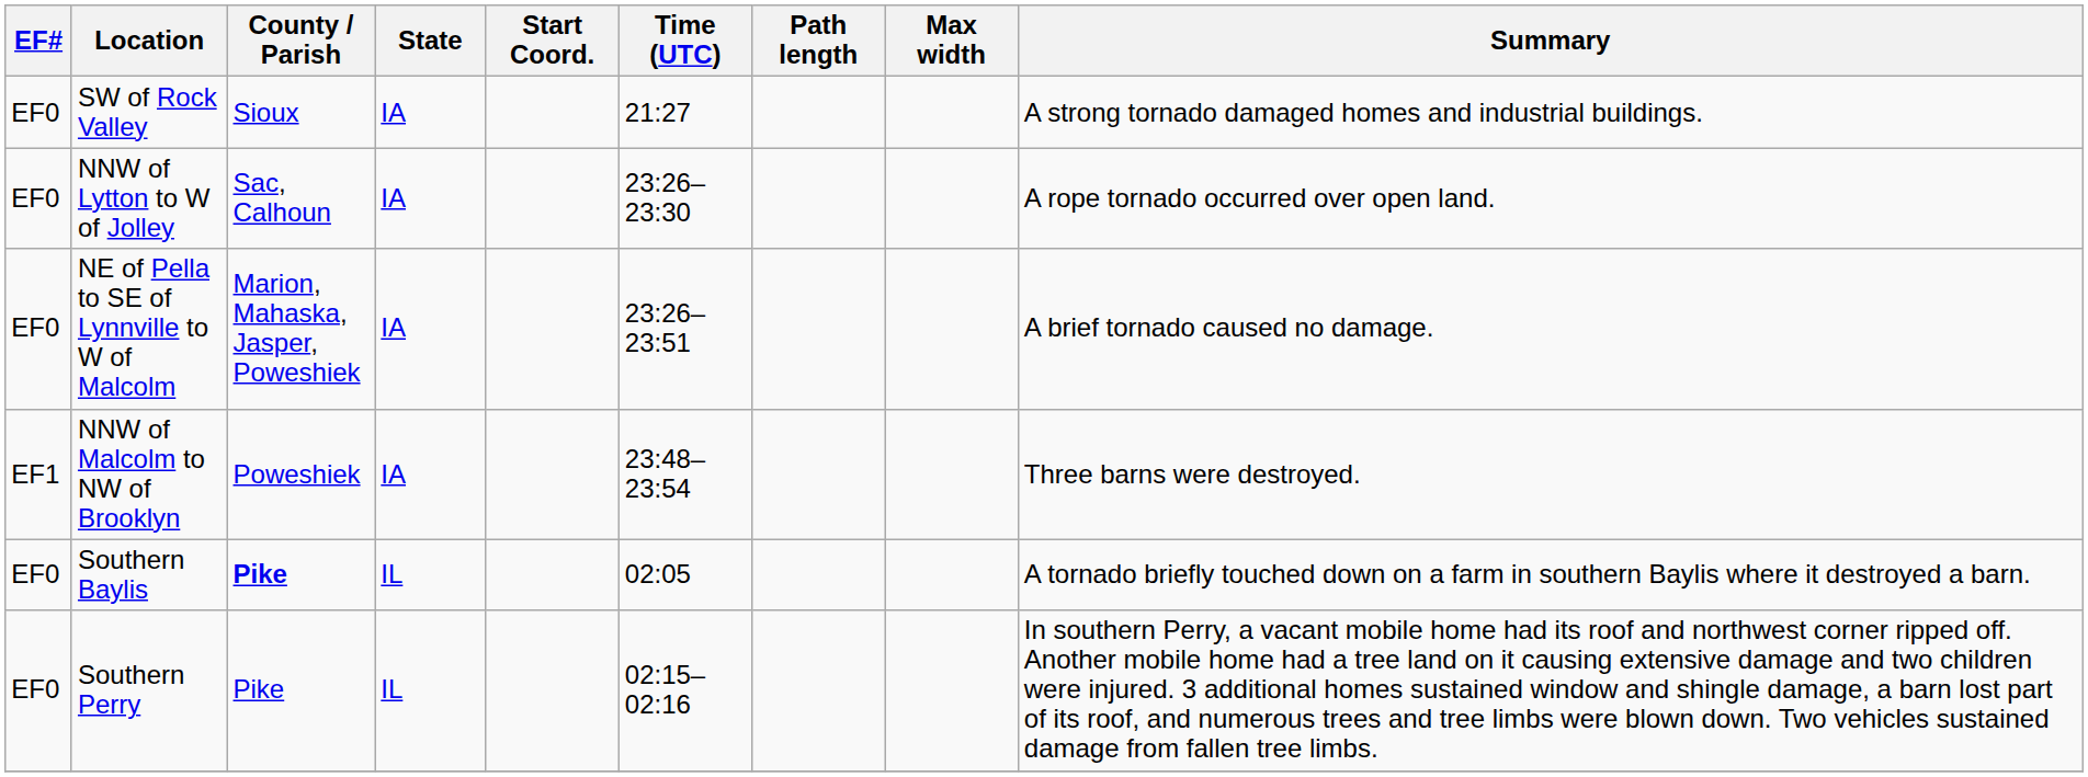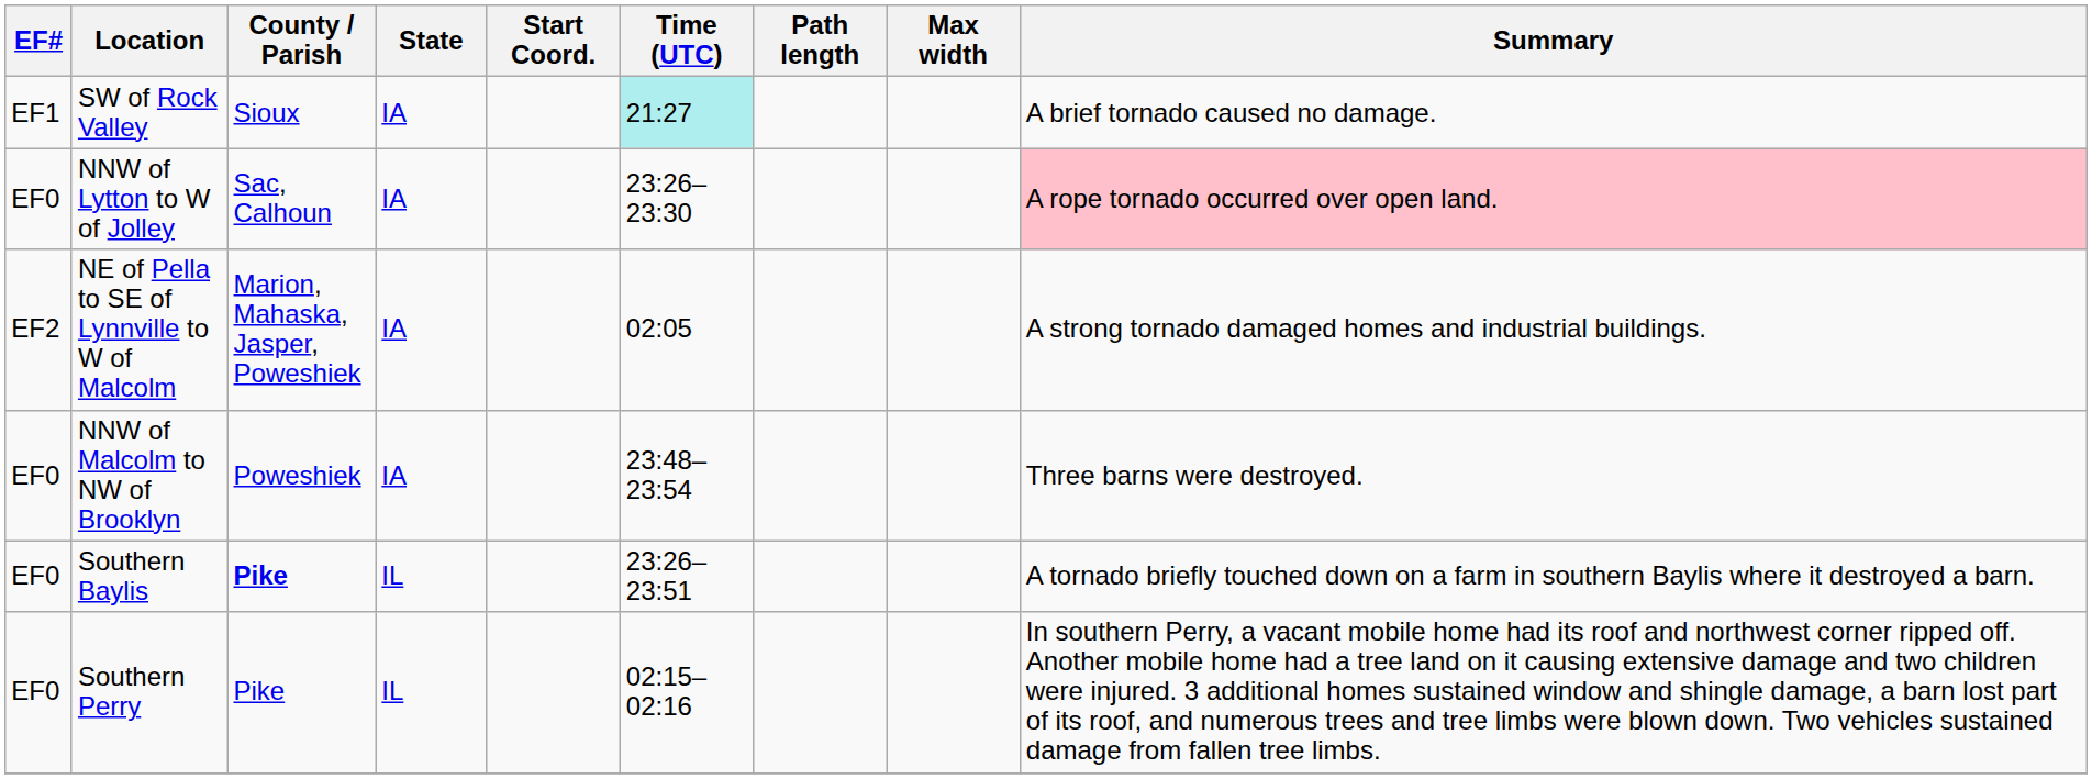 <table class="wikitable sortable" style="width:100%;">
 <tr>
 <th scope="col"  style="width:3%; text-align:center;"><a href='#'>EF#</a></th>
 <th scope="col"  style="width:7%; text-align:center;" class="unsortable">Location</th>
 <th scope="col"  style="width:6%; text-align:center;" class="unsortable">County / Parish</th>
 <th scope="col"  style="width:5%; text-align:center;">State</th>
 <th scope="col"  style="width:6%; text-align:center;">Start Coord.</th>
 <th scope="col"  style="width:6%; text-align:center;">Time (<a href='#'>UTC</a>)</th>
 <th scope="col"  style="width:6%; text-align:center;">Path length</th>
 <th scope="col"  style="width:6%; text-align:center;">Max width</th>
 <th scope="col" class="unsortable" style="width:48%; text-align:center;">Summary</th>
 </tr>
 <tr>
-<td>EF0</td>
+<td>EF1</td>
 <td>SW of <a href='#'>Rock Valley</a></td>
 <td><a href='#'>Sioux</a></td>
 <td><a href='#'>IA</a></td>
 <td></td>
-<td>21:27</td>
+<td style="background: paleturquoise;">21:27</td>
 <td></td>
 <td></td>
-<td>A strong tornado damaged homes and industrial buildings.</td>
+<td>A brief tornado caused no damage.</td>
 </tr>
 <tr>
 <td>EF0</td>
 <td>NNW of <a href='#'>Lytton</a> to W of <a href='#'>Jolley</a></td>
 <td><a href='#'>Sac</a>, <a href='#'>Calhoun</a></td>
 <td><a href='#'>IA</a></td>
 <td></td>
 <td>23:26–23:30</td>
 <td></td>
 <td></td>
-<td>A rope tornado occurred over open land.</td>
+<td style="background: pink;">A rope tornado occurred over open land.</td>
 </tr>
 <tr>
-<td>EF0</td>
+<td>EF2</td>
 <td>NE of <a href='#'>Pella</a> to SE of <a href='#'>Lynnville</a> to W of <a href='#'>Malcolm</a></td>
 <td><a href='#'>Marion</a>, <a href='#'>Mahaska</a>, <a href='#'>Jasper</a>, <a href='#'>Poweshiek</a></td>
 <td><a href='#'>IA</a></td>
 <td></td>
-<td>23:26–23:51</td>
+<td>02:05</td>
 <td></td>
 <td></td>
-<td>A brief tornado caused no damage.</td>
+<td>A strong tornado damaged homes and industrial buildings.</td>
 </tr>
 <tr>
-<td>EF1</td>
+<td>EF0</td>
 <td>NNW of <a href='#'>Malcolm</a> to NW of <a href='#'>Brooklyn</a></td>
 <td><a href='#'>Poweshiek</a></td>
 <td><a href='#'>IA</a></td>
 <td></td>
 <td>23:48–23:54</td>
 <td></td>
 <td></td>
 <td>Three barns were destroyed.</td>
 </tr>
 <tr>
 <td>EF0</td>
 <td>Southern <a href='#'>Baylis</a></td>
 <td><strong><a href='#'>Pike</a></strong></td>
 <td><a href='#'>IL</a></td>
 <td></td>
-<td>02:05</td>
+<td>23:26–23:51</td>
 <td></td>
 <td></td>
 <td>A tornado briefly touched down on a farm in southern Baylis where it destroyed a barn.</td>
 </tr>
 <tr>
 <td>EF0</td>
 <td>Southern <a href='#'>Perry</a></td>
 <td><a href='#'>Pike</a></td>
 <td><a href='#'>IL</a></td>
 <td></td>
 <td>02:15–02:16</td>
 <td></td>
 <td></td>
 <td>In southern Perry, a vacant mobile home had its roof and northwest corner ripped off. Another mobile home had a tree land on it causing extensive damage and two children were injured. 3 additional homes sustained window and shingle damage, a barn lost part of its roof, and numerous trees and tree limbs were blown down. Two vehicles sustained damage from fallen tree limbs.</td>
 </tr>
 <tr>
 </tr>
 </table>
